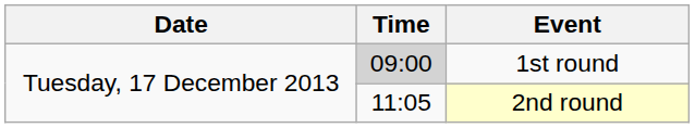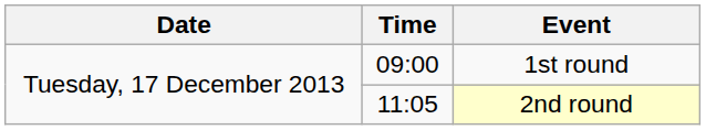 <table class = "wikitable" style="text-align:center;">
 <tr>
 <th width=220>Date</th>
 <th width=50>Time</th>
 <th width=150>Event</th>
 </tr>
 <tr>
 <td rowspan=2>Tuesday, 17 December 2013</td>
-<td style="background: lightgrey;">09:00</td>
+<td>09:00</td>
 <td>1st round</td>
 </tr>
 <tr>
 <td>11:05</td>
 <td bgcolor=ffffcc>2nd round</td>
 </tr>
 </table>
